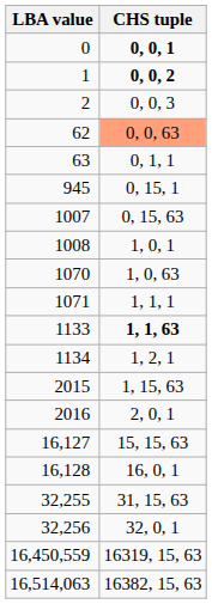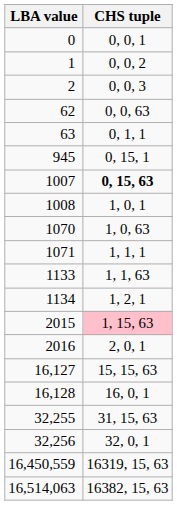 <table class="wikitable floatright" style="margin-left: 1.5em;">
 <tr>
 <th>LBA value</th>
 <th>CHS tuple</th>
 </tr>
 <tr>
 <td style="text-align: right; padding-right: 0.5em;">0</td>
-<td style="text-align: center"><strong>0, 0, 1</strong></td>
+<td style="text-align: center">0, 0, 1</td>
 </tr>
 <tr>
 <td style="text-align: right; padding-right: 0.5em;">1</td>
-<td style="text-align: center"><strong>0, 0, 2</strong></td>
+<td style="text-align: center">0, 0, 2</td>
 </tr>
 <tr>
 <td style="text-align: right; padding-right: 0.5em;">2</td>
 <td style="text-align: center">0, 0, 3</td>
 </tr>
 <tr>
 <td style="text-align: right; padding-right: 0.5em;">62</td>
-<td style="background: lightsalmon; text-align: center">0, 0, 63</td>
+<td style="text-align: center">0, 0, 63</td>
 </tr>
 <tr>
 <td style="text-align: right; padding-right: 0.5em;">63</td>
 <td style="text-align: center">0, 1, 1</td>
 </tr>
 <tr>
 <td style="text-align: right; padding-right: 0.5em;">945</td>
 <td style="text-align: center">0, 15, 1</td>
 </tr>
 <tr>
 <td style="text-align: right; padding-right: 0.5em;">1007</td>
-<td style="text-align: center">0, 15, 63</td>
+<td style="text-align: center"><strong>0, 15, 63</strong></td>
 </tr>
 <tr>
 <td style="text-align: right; padding-right: 0.5em;">1008</td>
 <td style="text-align: center">1, 0, 1</td>
 </tr>
 <tr>
 <td style="text-align: right; padding-right: 0.5em;">1070</td>
 <td style="text-align: center">1, 0, 63</td>
 </tr>
 <tr>
 <td style="text-align: right; padding-right: 0.5em;">1071</td>
 <td style="text-align: center">1, 1, 1</td>
 </tr>
 <tr>
 <td style="text-align: right; padding-right: 0.5em;">1133</td>
-<td style="text-align: center"><strong>1, 1, 63</strong></td>
+<td style="text-align: center">1, 1, 63</td>
 </tr>
 <tr>
 <td style="text-align: right; padding-right: 0.5em;">1134</td>
 <td style="text-align: center">1, 2, 1</td>
 </tr>
 <tr>
 <td style="text-align: right; padding-right: 0.5em;">2015</td>
-<td style="text-align: center">1, 15, 63</td>
+<td style="background: pink; text-align: center">1, 15, 63</td>
 </tr>
 <tr>
 <td style="text-align: right; padding-right: 0.5em;">2016</td>
 <td style="text-align: center">2, 0, 1</td>
 </tr>
 <tr>
 <td style="text-align: right; padding-right: 0.5em;">16,127</td>
 <td style="text-align: center">15, 15, 63</td>
 </tr>
 <tr>
 <td style="text-align: right; padding-right: 0.5em;">16,128</td>
 <td style="text-align: center">16, 0, 1</td>
 </tr>
 <tr>
 <td style="text-align: right; padding-right: 0.5em;">32,255</td>
 <td style="text-align: center">31, 15, 63</td>
 </tr>
 <tr>
 <td style="text-align: right; padding-right: 0.5em;">32,256</td>
 <td style="text-align: center">32, 0, 1</td>
 </tr>
 <tr>
 <td style="text-align: right; padding-right: 0.5em;">16,450,559</td>
 <td style="text-align: center">16319, 15, 63</td>
 </tr>
 <tr>
 <td style="text-align: right; padding-right: 0.5em;">16,514,063</td>
 <td style="text-align: center">16382, 15, 63</td>
 </tr>
 </table>
